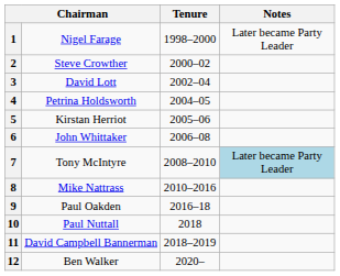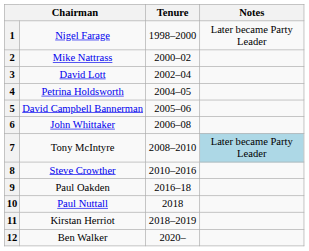 <table class="wikitable" style="text-align:center">
 <tr>
 <th colspan="2" style="width:20px;">Chairman</th>
 <th style="width:75px;">Tenure</th>
 <th style="width:150px;">Notes</th>
 </tr>
 <tr>
 <th style="background:">1</th>
 <td><a href='#'>Nigel Farage</a></td>
 <td>1998–2000</td>
 <td>Later became Party Leader</td>
 </tr>
 <tr>
 <th style="background:">2</th>
-<td><a href='#'>Steve Crowther</a></td>
+<td><a href='#'>Mike Nattrass</a></td>
 <td>2000–02</td>
 <td></td>
 </tr>
 <tr>
 <th style="background:">3</th>
 <td><a href='#'>David Lott</a></td>
 <td>2002–04</td>
 <td></td>
 </tr>
 <tr>
 <th style="background:">4</th>
 <td><a href='#'>Petrina Holdsworth</a></td>
 <td>2004–05</td>
 <td></td>
 </tr>
 <tr>
 <th style="background:">5</th>
-<td>Kirstan Herriot</td>
+<td><a href='#'>David Campbell Bannerman</a></td>
 <td>2005–06</td>
 <td></td>
 </tr>
 <tr>
 <th style="background:">6</th>
 <td><a href='#'>John Whittaker</a></td>
 <td>2006–08</td>
 <td></td>
 </tr>
 <tr>
 <th style="background:">7</th>
 <td>Tony McIntyre</td>
 <td>2008–2010</td>
 <td style="background: lightblue;">Later became Party Leader</td>
 </tr>
 <tr>
 <th style="background:">8</th>
-<td><a href='#'>Mike Nattrass</a></td>
+<td><a href='#'>Steve Crowther</a></td>
 <td>2010–2016</td>
 <td></td>
 </tr>
 <tr>
 <th style="background:">9</th>
 <td>Paul Oakden</td>
 <td>2016–18</td>
 <td></td>
 </tr>
 <tr>
 <th style="background:">10</th>
 <td><a href='#'>Paul Nuttall</a></td>
 <td>2018</td>
 <td></td>
 </tr>
 <tr>
 <th style="background:">11</th>
-<td><a href='#'>David Campbell Bannerman</a></td>
+<td>Kirstan Herriot</td>
 <td>2018–2019</td>
 <td></td>
 </tr>
 <tr>
 <th style="background:">12</th>
 <td>Ben Walker</td>
 <td>2020–</td>
 <td></td>
 </tr>
 </table>
